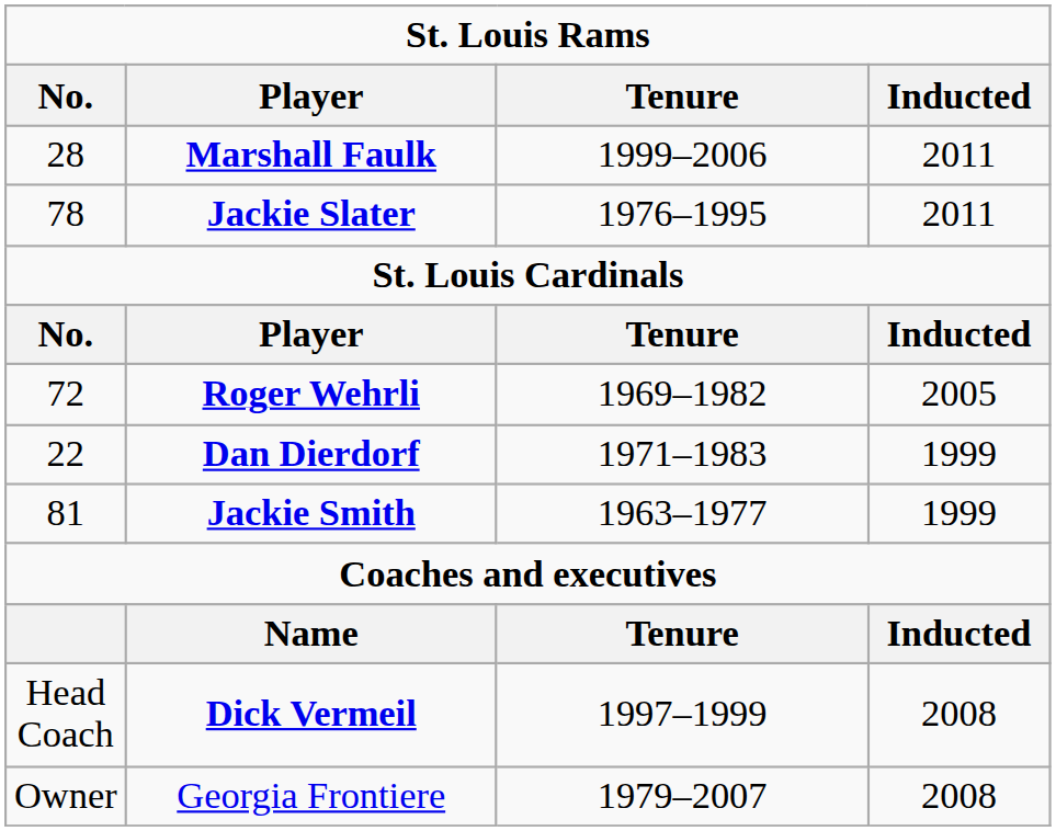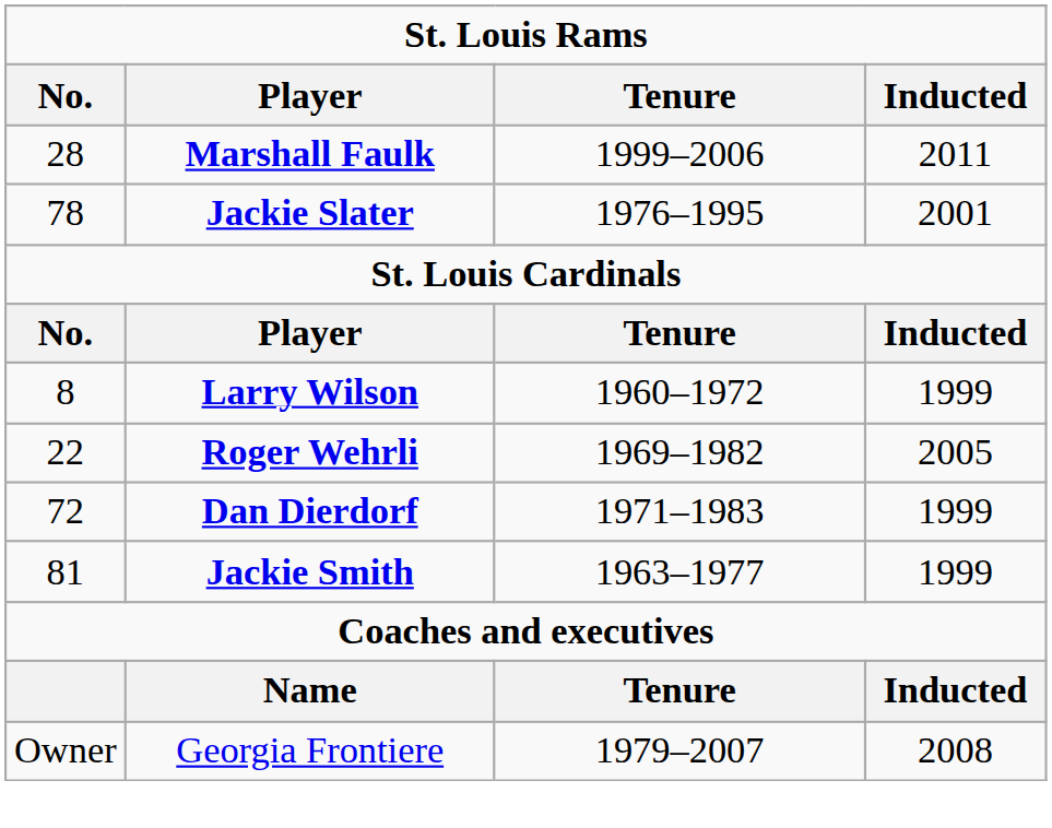 <table class="wikitable" style="text-align:center">
 <tr>
 <td style="text-align:center;" colspan="4"><strong>St. Louis Rams</strong></td>
 </tr>
 <tr>
 <th style="width:40px; ">No.</th>
 <th style="width:150px; ">Player</th>
 <th style="width:150px; ">Tenure</th>
 <th style="width:70px; ">Inducted</th>
 </tr>
 <tr>
 <td>28</td>
 <td><strong><a href='#'>Marshall Faulk</a></strong></td>
 <td>1999–2006</td>
 <td>2011</td>
 </tr>
 <tr>
 <td>78</td>
 <td><strong><a href='#'>Jackie Slater</a></strong></td>
 <td>1976–1995</td>
-<td>2011</td>
+<td>2001</td>
 </tr>
 <tr>
 <td style="text-align:center;" colspan="4"><strong>St. Louis Cardinals</strong></td>
 </tr>
 <tr>
 <th width=40px>No.</th>
 <th width=150px>Player</th>
 <th width=150px>Tenure</th>
 <th width=70px>Inducted</th>
 </tr>
 <tr>
-<td>72</td>
+<td>8</td>
+<td><strong><a href='#'>Larry Wilson</a></strong></td>
+<td>1960–1972</td>
+<td>1999</td>
+</tr>
+<tr>
+<td>22</td>
 <td><strong><a href='#'>Roger Wehrli</a></strong></td>
 <td>1969–1982</td>
 <td>2005</td>
 </tr>
 <tr>
-<td>22</td>
+<td>72</td>
 <td><strong><a href='#'>Dan Dierdorf</a></strong></td>
 <td>1971–1983</td>
 <td>1999</td>
 </tr>
 <tr>
 <td>81</td>
 <td><strong><a href='#'>Jackie Smith</a></strong></td>
 <td>1963–1977</td>
 <td>1999</td>
 </tr>
 <tr>
 <td style="text-align:center;" colspan="4" style="background:silver"><strong>Coaches and executives</strong></td>
 </tr>
 <tr>
 <th></th>
 <th>Name</th>
 <th>Tenure</th>
 <th>Inducted</th>
 </tr>
 <tr>
-<td>Head Coach</td>
-<td><strong><a href='#'>Dick Vermeil</a></strong></td>
-<td>1997–1999</td>
-<td>2008</td>
-</tr>
-<tr>
 <td>Owner</td>
 <td><a href='#'>Georgia Frontiere</a></td>
 <td>1979–2007</td>
 <td>2008</td>
 </tr>
 </table>
